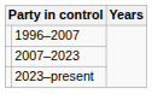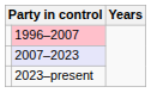 <table class=wikitable>
 <tr>
 <th colspan=2>Party in control</th>
 <th>Years</th>
 </tr>
 <tr>
 <td></td>
-<td>1996–2007</td>
+<td style="background: pink;">1996–2007</td>
 </tr>
 <tr>
 <td></td>
-<td>2007–2023</td>
+<td style="background: lavender;">2007–2023</td>
 </tr>
 <tr>
 <td></td>
 <td>2023–present</td>
 </tr>
 </table>
